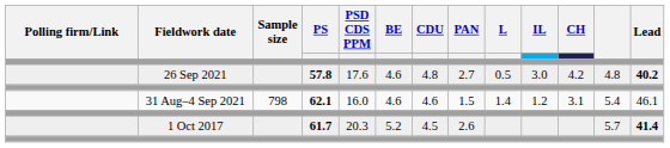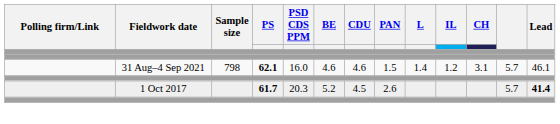 <table class="wikitable sortable mw-datatable" style="text-align:center;font-size:90%;line-height:16px;">
 <tr style="height:42px;">
 <th style="width:145px;" rowspan="2">Polling firm/Link</th>
 <th style="width:125px;" rowspan="2">Fieldwork date</th>
 <th class="unsortable" style="width:50px;" rowspan="2">Sample size</th>
 <th class="unsortable" style="width:35px;"><a href='#'>PS</a></th>
 <th class="unsortable" style="width:35px;"><a href='#'>PSD</a><br><a href='#'>CDS</a><br><a href='#'>PPM</a></th>
 <th class="unsortable" style="width:35px;"><a href='#'>BE</a></th>
 <th class="unsortable" style="width:35px;"><a href='#'>CDU</a></th>
 <th class="unsortable" style="width:35px;"><a href='#'>PAN</a></th>
 <th class="unsortable" style="width:35px;"><a href='#'>L</a></th>
 <th class="unsortable" style="width:35px;"><a href='#'>IL</a></th>
 <th class="unsortable" style="width:35px;"><a href='#'>CH</a></th>
 <th class="unsortable" style="width:35px;" rowspan="2"></th>
 <th class="unsortable" style="width:30px;" rowspan="2">Lead</th>
 </tr>
 <tr>
 <th class="unsortable" style="color:inherit;background:"></th>
 <th class="unsortable" style="color:inherit;background:"></th>
 <th class="unsortable" style="color:inherit;background:"></th>
 <th class="unsortable" style="color:inherit;background:"></th>
 <th class="sortable" style="background:"></th>
 <th class="unsortable" style="color:inherit;background:"></th>
 <th class="sortable" style="background:#00ADEF;"></th>
 <th class="sortable" style="background:#202056;"></th>
 </tr>
 <tr>
 <td colspan="13" style="background:#A0A0A0"></td>
 </tr>
-<tr style="background:#EFEFEF;">
-<td><strong></strong></td>
-<td data-sort-value="2019-10-06">26 Sep 2021</td>
-<td></td>
-<td><strong>57.8</strong><br></td>
-<td>17.6<br></td>
-<td>4.6<br></td>
-<td>4.8<br></td>
-<td>2.7<br></td>
-<td>0.5<br></td>
-<td>3.0<br></td>
-<td>4.2<br></td>
-<td>4.8<br></td>
-<td style="background:"><strong>40.2</strong></td>
-</tr>
 <tr>
 <td colspan="13" style="background:#A0A0A0"></td>
 </tr>
 <tr>
 <td align="center"></td>
 <td align="center">31 Aug–4 Sep 2021</td>
 <td>798</td>
 <td align="center" ><strong>62.1</strong></td>
 <td align="center">16.0</td>
 <td align="center">4.6</td>
 <td align="center">4.6</td>
 <td align="center">1.5</td>
 <td align="center">1.4</td>
 <td align="center">1.2</td>
 <td align="center">3.1</td>
-<td align="center">5.4</td>
+<td align="center">5.7</td>
 <td style="background:">46.1</td>
 </tr>
 <tr>
 <td colspan="13" style="background:#A0A0A0"></td>
 </tr>
 <tr style="background:#EFEFEF;">
 <td><strong></strong></td>
 <td data-sort-value="2019-10-06">1 Oct 2017</td>
 <td></td>
 <td><strong>61.7</strong><br></td>
 <td>20.3<br></td>
 <td>5.2<br></td>
 <td>4.5<br></td>
 <td>2.6<br></td>
 <td></td>
 <td></td>
 <td></td>
 <td>5.7<br></td>
 <td style="background:"><strong>41.4</strong></td>
 </tr>
 <tr>
 <td colspan="13" style="background:#A0A0A0"></td>
 </tr>
 </table>
